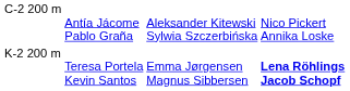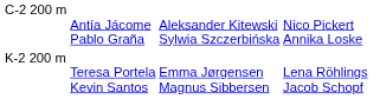 <table>
 <tr valign="top">
 <td>C-2 200 m<br></td>
 <td><br><a href='#'>Antía Jácome</a><br><a href='#'>Pablo Graña</a></td>
 <td><br><a href='#'>Aleksander Kitewski</a><br><a href='#'>Sylwia Szczerbińska</a></td>
 <td><br><a href='#'>Nico Pickert</a><br><a href='#'>Annika Loske</a></td>
 </tr>
 <tr valign="top">
 <td>K-2 200 m <br></td>
 <td><br><a href='#'>Teresa Portela</a><br><a href='#'>Kevin Santos</a></td>
 <td><br><a href='#'>Emma Jørgensen</a><br><a href='#'>Magnus Sibbersen</a></td>
-<td><strong><br><a href='#'>Lena Röhlings</a><br><a href='#'>Jacob Schopf</a></strong></td>
+<td><br><a href='#'>Lena Röhlings</a><br><a href='#'>Jacob Schopf</a></td>
 </tr>
 </table>
